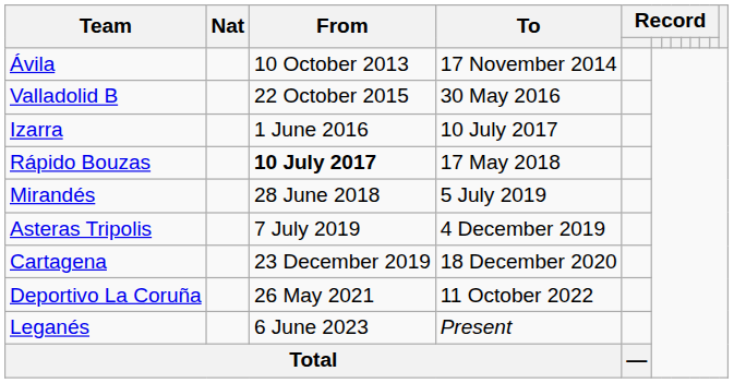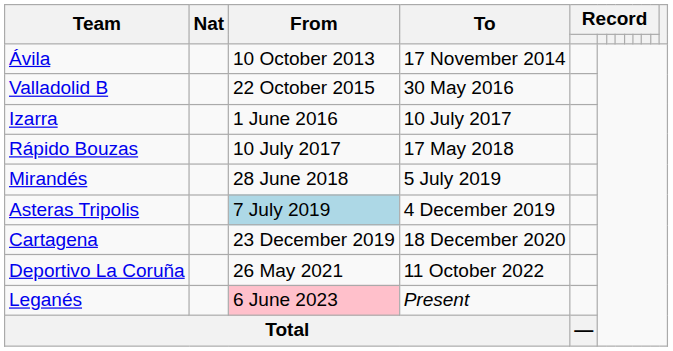 <table class=wikitable style="text-align: center">
 <tr>
 <th rowspan=2>Team</th>
 <th rowspan=2>Nat</th>
 <th rowspan=2>From</th>
 <th rowspan=2>To</th>
 <th colspan=8>Record</th>
 <th rowspan=2></th>
 </tr>
 <tr>
 <th></th>
 <th></th>
 <th></th>
 <th></th>
 <th></th>
 <th></th>
 <th></th>
 <th></th>
 </tr>
 <tr>
 <td align=left><a href='#'>Ávila</a></td>
 <td></td>
 <td align=left>10 October 2013</td>
 <td align=left>17 November 2014<br></td>
 <td></td>
 </tr>
 <tr>
 <td align=left><a href='#'>Valladolid B</a></td>
 <td></td>
 <td align=left>22 October 2015</td>
 <td align=left>30 May 2016<br></td>
 <td></td>
 </tr>
 <tr>
 <td align=left><a href='#'>Izarra</a></td>
 <td></td>
 <td align=left>1 June 2016</td>
 <td align=left>10 July 2017<br></td>
 <td></td>
 </tr>
 <tr>
 <td align=left><a href='#'>Rápido Bouzas</a></td>
 <td></td>
-<td align=left><strong>10 July 2017</strong></td>
+<td align=left>10 July 2017</td>
 <td align=left>17 May 2018<br></td>
 <td></td>
 </tr>
 <tr>
 <td align=left><a href='#'>Mirandés</a></td>
 <td></td>
 <td align=left>28 June 2018</td>
 <td align=left>5 July 2019<br></td>
 <td></td>
 </tr>
 <tr>
 <td align=left><a href='#'>Asteras Tripolis</a></td>
 <td></td>
-<td align=left>7 July 2019</td>
+<td align=left style="background: lightblue;">7 July 2019</td>
 <td align=left>4 December 2019<br></td>
 <td></td>
 </tr>
 <tr>
 <td align=left><a href='#'>Cartagena</a></td>
 <td></td>
 <td align=left>23 December 2019</td>
 <td align=left>18 December 2020<br></td>
 <td></td>
 </tr>
 <tr>
 <td align=left><a href='#'>Deportivo La Coruña</a></td>
 <td></td>
 <td align=left>26 May 2021</td>
 <td align=left>11 October 2022<br></td>
 <td></td>
 </tr>
 <tr>
 <td align=left><a href='#'>Leganés</a></td>
 <td></td>
-<td align=left>6 June 2023</td>
+<td align=left style="background: pink;">6 June 2023</td>
 <td align=left><em>Present</em><br></td>
 <td></td>
 </tr>
 <tr>
 <th colspan=4>Total<br></th>
 <th>—</th>
 </tr>
 </table>
